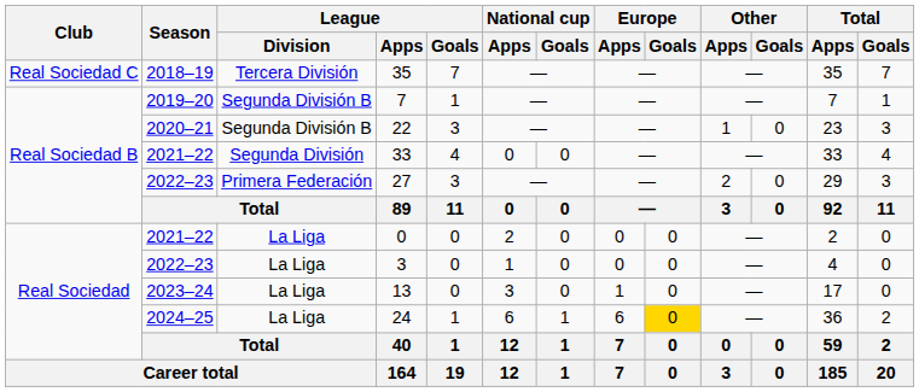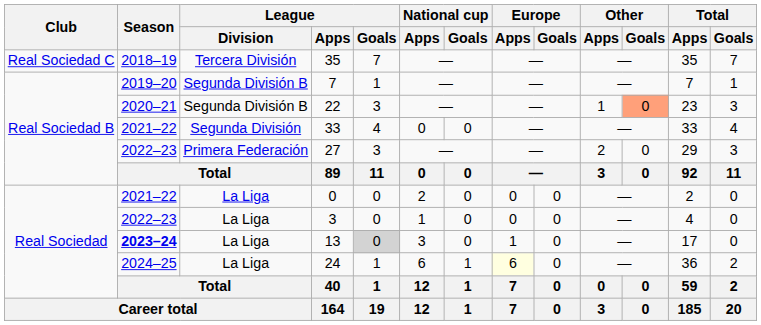 <table class="wikitable" style="text-align:center">
 <tr>
 <th rowspan="2">Club</th>
 <th rowspan="2">Season</th>
 <th colspan="3">League</th>
 <th colspan="2">National cup</th>
 <th colspan="2">Europe</th>
 <th colspan="2">Other</th>
 <th colspan="2">Total</th>
 </tr>
 <tr>
 <th>Division</th>
 <th>Apps</th>
 <th>Goals</th>
 <th>Apps</th>
 <th>Goals</th>
 <th>Apps</th>
 <th>Goals</th>
 <th>Apps</th>
 <th>Goals</th>
 <th>Apps</th>
 <th>Goals</th>
 </tr>
 <tr>
 <td><a href='#'>Real Sociedad C</a></td>
 <td><a href='#'>2018–19</a></td>
 <td><a href='#'>Tercera División</a></td>
 <td>35</td>
 <td>7</td>
 <td colspan="2">—</td>
 <td colspan="2">—</td>
 <td colspan="2">—</td>
 <td>35</td>
 <td>7</td>
 </tr>
 <tr>
 <td rowspan="5"><a href='#'>Real Sociedad B</a></td>
 <td><a href='#'>2019–20</a></td>
 <td><a href='#'>Segunda División B</a></td>
 <td>7</td>
 <td>1</td>
 <td colspan="2">—</td>
 <td colspan="2">—</td>
 <td colspan="2">—</td>
 <td>7</td>
 <td>1</td>
 </tr>
 <tr>
 <td><a href='#'>2020–21</a></td>
 <td>Segunda División B</td>
 <td>22</td>
 <td>3</td>
 <td colspan="2">—</td>
 <td colspan="2">—</td>
 <td>1</td>
-<td>0</td>
+<td style="background: lightsalmon;">0</td>
 <td>23</td>
 <td>3</td>
 </tr>
 <tr>
 <td><a href='#'>2021–22</a></td>
 <td><a href='#'>Segunda División</a></td>
 <td>33</td>
 <td>4</td>
 <td>0</td>
 <td>0</td>
 <td colspan="2">—</td>
 <td colspan="2">—</td>
 <td>33</td>
 <td>4</td>
 </tr>
 <tr>
 <td><a href='#'>2022–23</a></td>
 <td><a href='#'>Primera Federación</a></td>
 <td>27</td>
 <td>3</td>
 <td colspan="2">—</td>
 <td colspan="2">—</td>
 <td>2</td>
 <td>0</td>
 <td>29</td>
 <td>3</td>
 </tr>
 <tr>
 <th colspan="2">Total</th>
 <th>89</th>
 <th>11</th>
 <th>0</th>
 <th>0</th>
 <th colspan="2">—</th>
 <th>3</th>
 <th>0</th>
 <th>92</th>
 <th>11</th>
 </tr>
 <tr>
 <td rowspan="5"><a href='#'>Real Sociedad</a></td>
 <td><a href='#'>2021–22</a></td>
 <td><a href='#'>La Liga</a></td>
 <td>0</td>
 <td>0</td>
 <td>2</td>
 <td>0</td>
 <td>0</td>
 <td>0</td>
 <td colspan="2">—</td>
 <td>2</td>
 <td>0</td>
 </tr>
 <tr>
 <td><a href='#'>2022–23</a></td>
 <td>La Liga</td>
 <td>3</td>
 <td>0</td>
 <td>1</td>
 <td>0</td>
 <td>0</td>
 <td>0</td>
 <td colspan="2">—</td>
 <td>4</td>
 <td>0</td>
 </tr>
 <tr>
-<td><a href='#'>2023–24</a></td>
+<td><strong><a href='#'>2023–24</a></strong></td>
 <td>La Liga</td>
 <td>13</td>
-<td>0</td>
+<td style="background: lightgrey;">0</td>
 <td>3</td>
 <td>0</td>
 <td>1</td>
 <td>0</td>
 <td colspan="2">—</td>
 <td>17</td>
 <td>0</td>
 </tr>
 <tr>
 <td><a href='#'>2024–25</a></td>
 <td>La Liga</td>
 <td>24</td>
 <td>1</td>
 <td>6</td>
 <td>1</td>
-<td>6</td>
-<td style="background: gold;">0</td>
+<td style="background: lightyellow;">6</td>
+<td>0</td>
 <td colspan="2">—</td>
 <td>36</td>
 <td>2</td>
 </tr>
 <tr>
 <th colspan="2">Total</th>
 <th>40</th>
 <th>1</th>
 <th>12</th>
 <th>1</th>
 <th>7</th>
 <th>0</th>
 <th>0</th>
 <th>0</th>
 <th>59</th>
 <th>2</th>
 </tr>
 <tr>
 <th colspan="3">Career total</th>
 <th>164</th>
 <th>19</th>
 <th>12</th>
 <th>1</th>
 <th>7</th>
 <th>0</th>
 <th>3</th>
 <th>0</th>
 <th>185</th>
 <th>20</th>
 </tr>
 </table>
